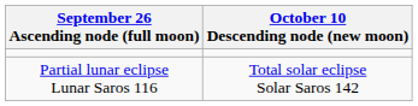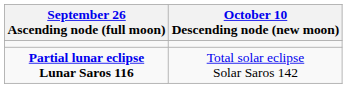 <table class="wikitable">
 <tr>
 <th><a href='#'>September 26</a><br>Ascending node (full moon)</th>
 <th><a href='#'>October 10</a><br>Descending node (new moon)</th>
 </tr>
 <tr>
 <td></td>
 <td></td>
 </tr>
 <tr align=center>
-<td><a href='#'>Partial lunar eclipse</a><br>Lunar Saros 116</td>
+<td><strong><a href='#'>Partial lunar eclipse</a><br>Lunar Saros 116</strong></td>
 <td><a href='#'>Total solar eclipse</a><br>Solar Saros 142</td>
 </tr>
 </table>
